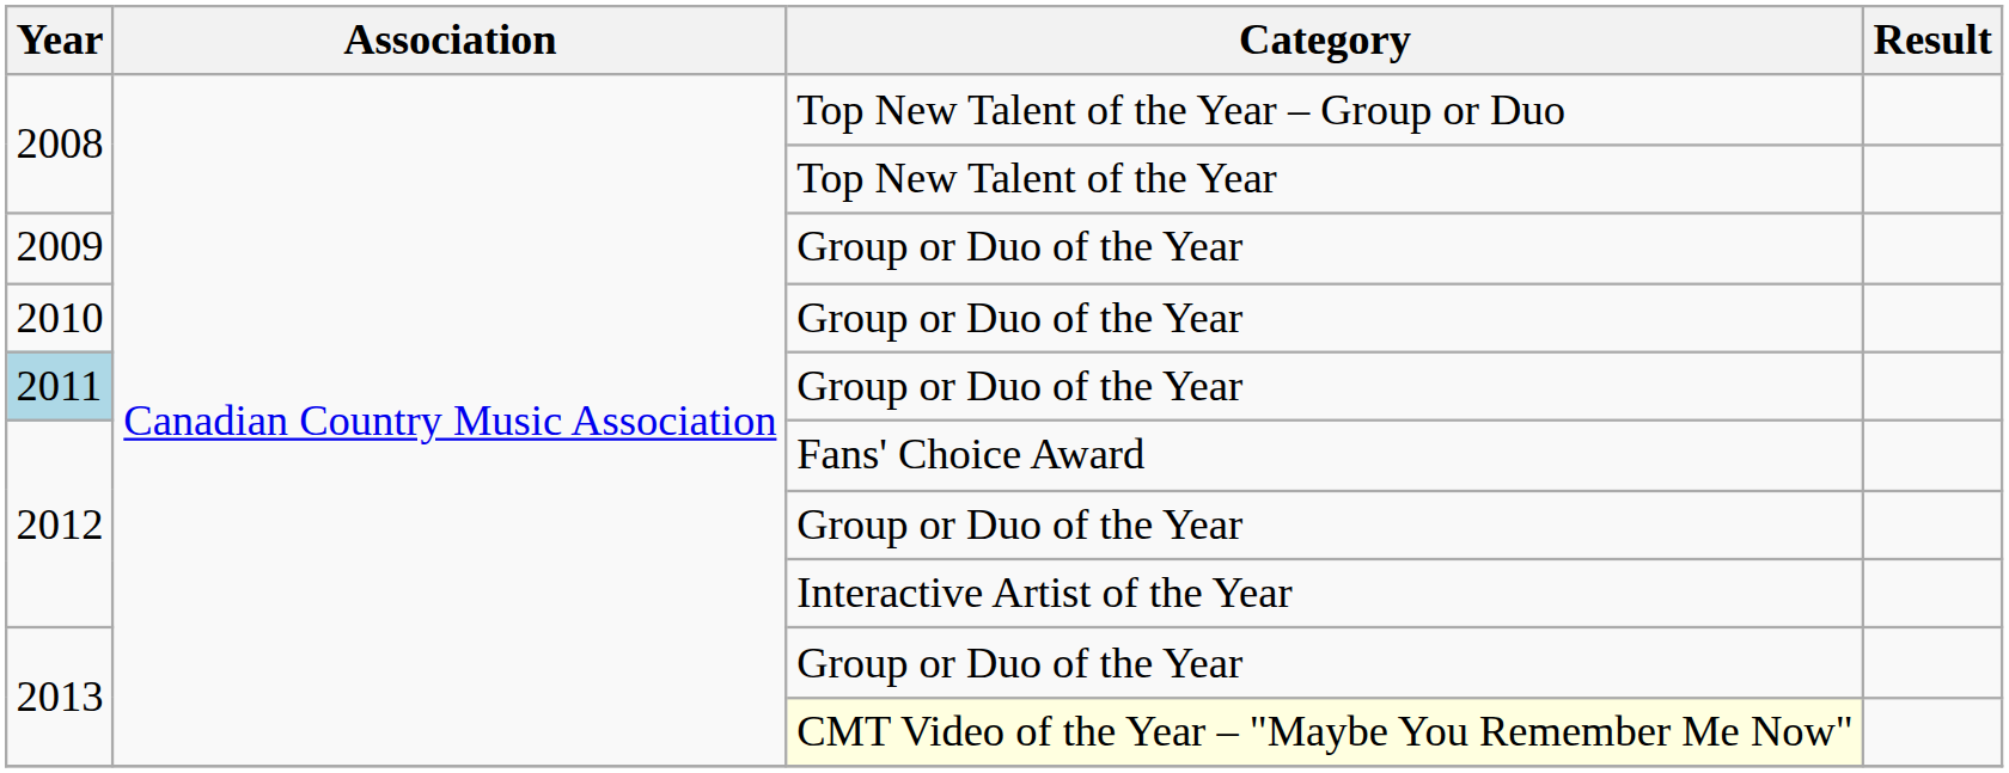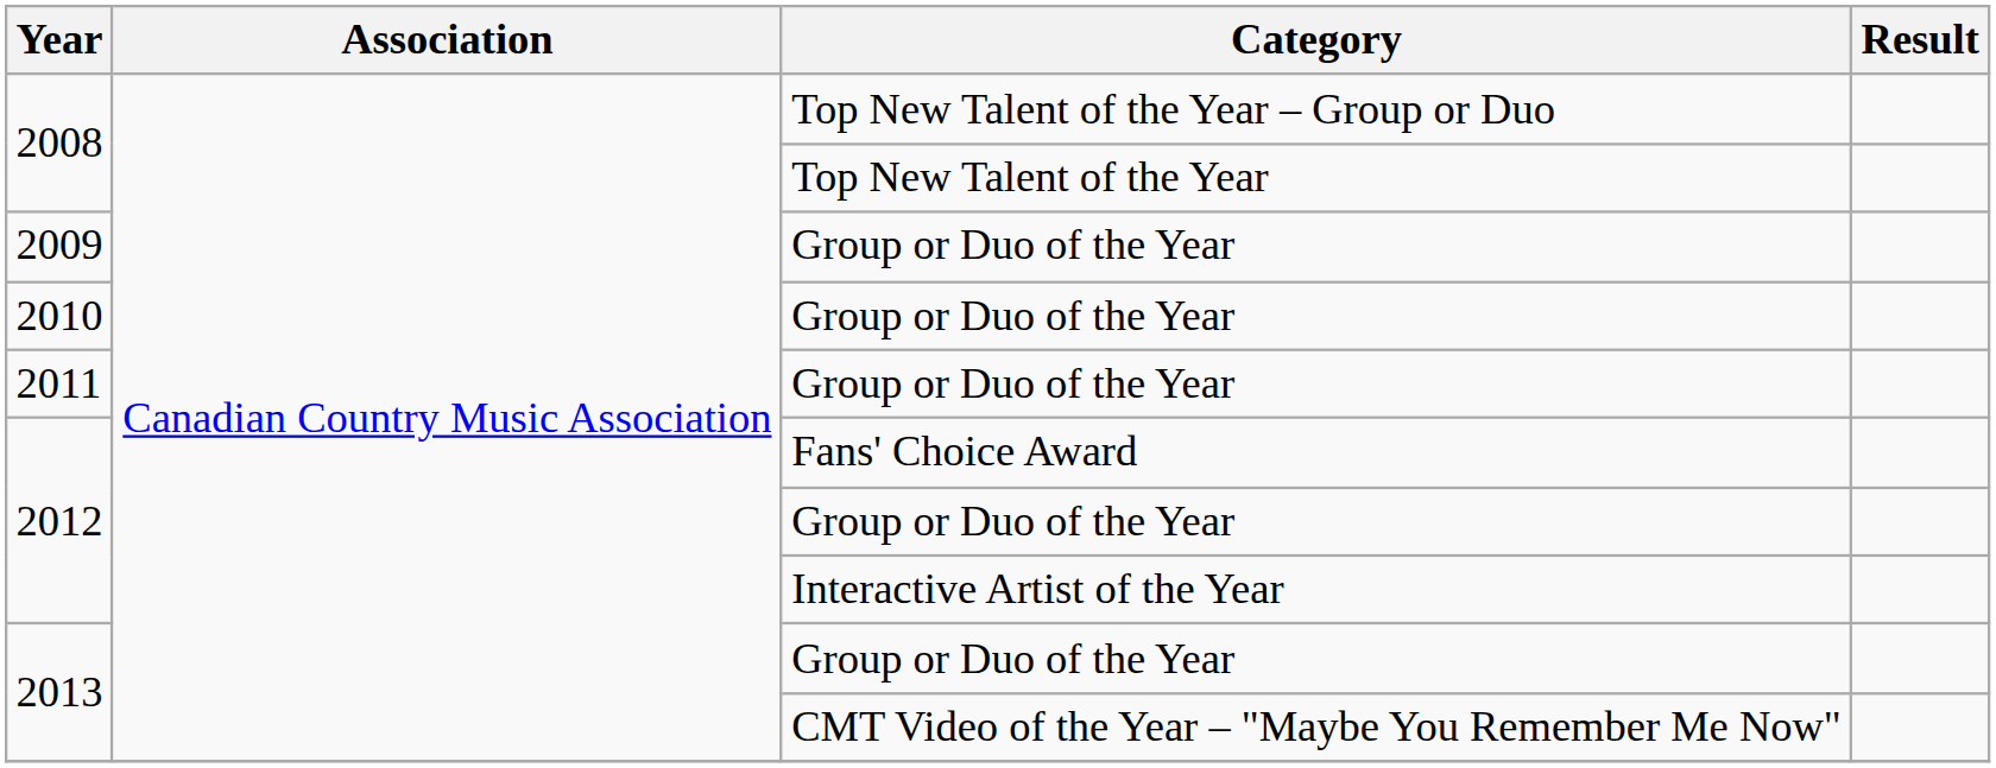 <table class="wikitable">
 <tr>
 <th>Year</th>
 <th>Association</th>
 <th>Category</th>
 <th>Result</th>
 </tr>
 <tr>
 <td rowspan="2">2008</td>
 <td rowspan="10"><a href='#'>Canadian Country Music Association</a></td>
 <td>Top New Talent of the Year – Group or Duo</td>
 <td></td>
 </tr>
 <tr>
 <td>Top New Talent of the Year</td>
 <td></td>
 </tr>
 <tr>
 <td>2009</td>
 <td>Group or Duo of the Year</td>
 <td></td>
 </tr>
 <tr>
 <td>2010</td>
 <td>Group or Duo of the Year</td>
 <td></td>
 </tr>
 <tr>
-<td style="background: lightblue;">2011</td>
+<td>2011</td>
 <td>Group or Duo of the Year</td>
 <td></td>
 </tr>
 <tr>
 <td rowspan="3">2012</td>
 <td>Fans' Choice Award</td>
 <td></td>
 </tr>
 <tr>
 <td>Group or Duo of the Year</td>
 <td></td>
 </tr>
 <tr>
 <td>Interactive Artist of the Year</td>
 <td></td>
 </tr>
 <tr>
 <td rowspan="2">2013</td>
 <td>Group or Duo of the Year</td>
 <td></td>
 </tr>
 <tr>
-<td style="background: lightyellow;">CMT Video of the Year – "Maybe You Remember Me Now"</td>
+<td>CMT Video of the Year – "Maybe You Remember Me Now"</td>
 <td></td>
 </tr>
 <tr>
 </tr>
 </table>
